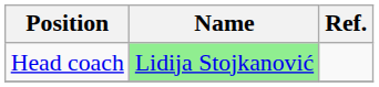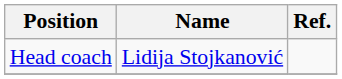 <table class="wikitable">
 <tr>
 <th>Position</th>
 <th>Name</th>
 <th>Ref.</th>
 </tr>
 <tr>
 <td><a href='#'>Head coach</a></td>
-<td style="background: lightgreen;"><a href='#'>Lidija Stojkanović</a></td>
+<td><a href='#'>Lidija Stojkanović</a></td>
 <td></td>
 </tr>
 <tr>
 </tr>
 </table>
